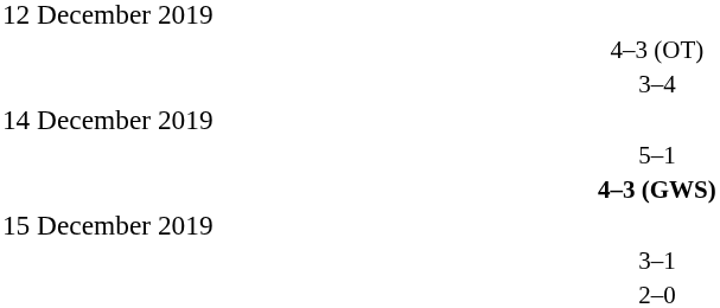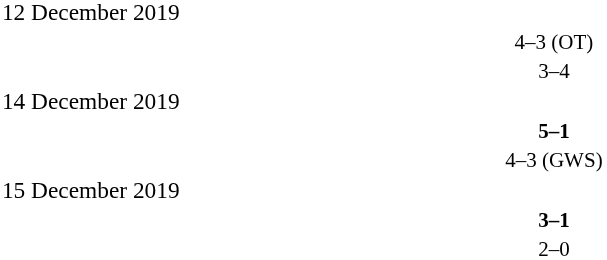 <table style="width:100%;" cellspacing="1">
 <tr>
 <th width=25%></th>
 <th width=2%></th>
 <th width=6%></th>
 <th width=2%></th>
 <th width=25%></th>
 </tr>
 <tr>
 <td>12 December 2019</td>
 </tr>
 <tr style=font-size:90%>
 <td align=right></td>
 <td></td>
 <td align=center>4–3 (OT)</td>
 <td></td>
 <td></td>
 <td></td>
 </tr>
 <tr style=font-size:90%>
 <td align=right></td>
 <td></td>
 <td align=center>3–4</td>
 <td></td>
 <td></td>
 <td></td>
 </tr>
 <tr>
 <td>14 December 2019</td>
 </tr>
 <tr style=font-size:90%>
 <td align=right></td>
 <td></td>
-<td align=center>5–1</td>
+<td align=center><strong>5–1</strong></td>
 <td></td>
 <td></td>
 <td></td>
 </tr>
 <tr style=font-size:90%>
 <td align=right></td>
 <td></td>
-<td align=center><strong>4–3 (GWS)</strong></td>
+<td align=center>4–3 (GWS)</td>
 <td></td>
 <td></td>
 <td></td>
 </tr>
 <tr>
 <td>15 December 2019</td>
 </tr>
 <tr style=font-size:90%>
 <td align=right></td>
 <td></td>
-<td align=center>3–1</td>
+<td align=center><strong>3–1</strong></td>
 <td></td>
 <td></td>
 <td></td>
 </tr>
 <tr style=font-size:90%>
 <td align=right></td>
 <td></td>
 <td align=center>2–0</td>
 <td></td>
 <td></td>
 <td></td>
 </tr>
 </table>
